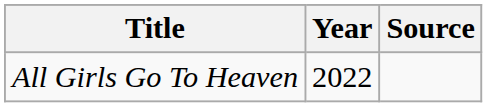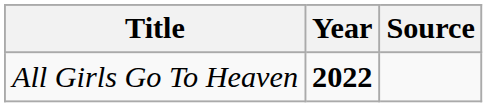 <table class="wikitable">
 <tr>
 <th>Title</th>
 <th>Year</th>
 <th>Source</th>
 </tr>
 <tr>
 <td><em>All Girls Go To Heaven</em></td>
-<td>2022</td>
+<td><strong>2022</strong></td>
 <td></td>
 </tr>
 </table>
